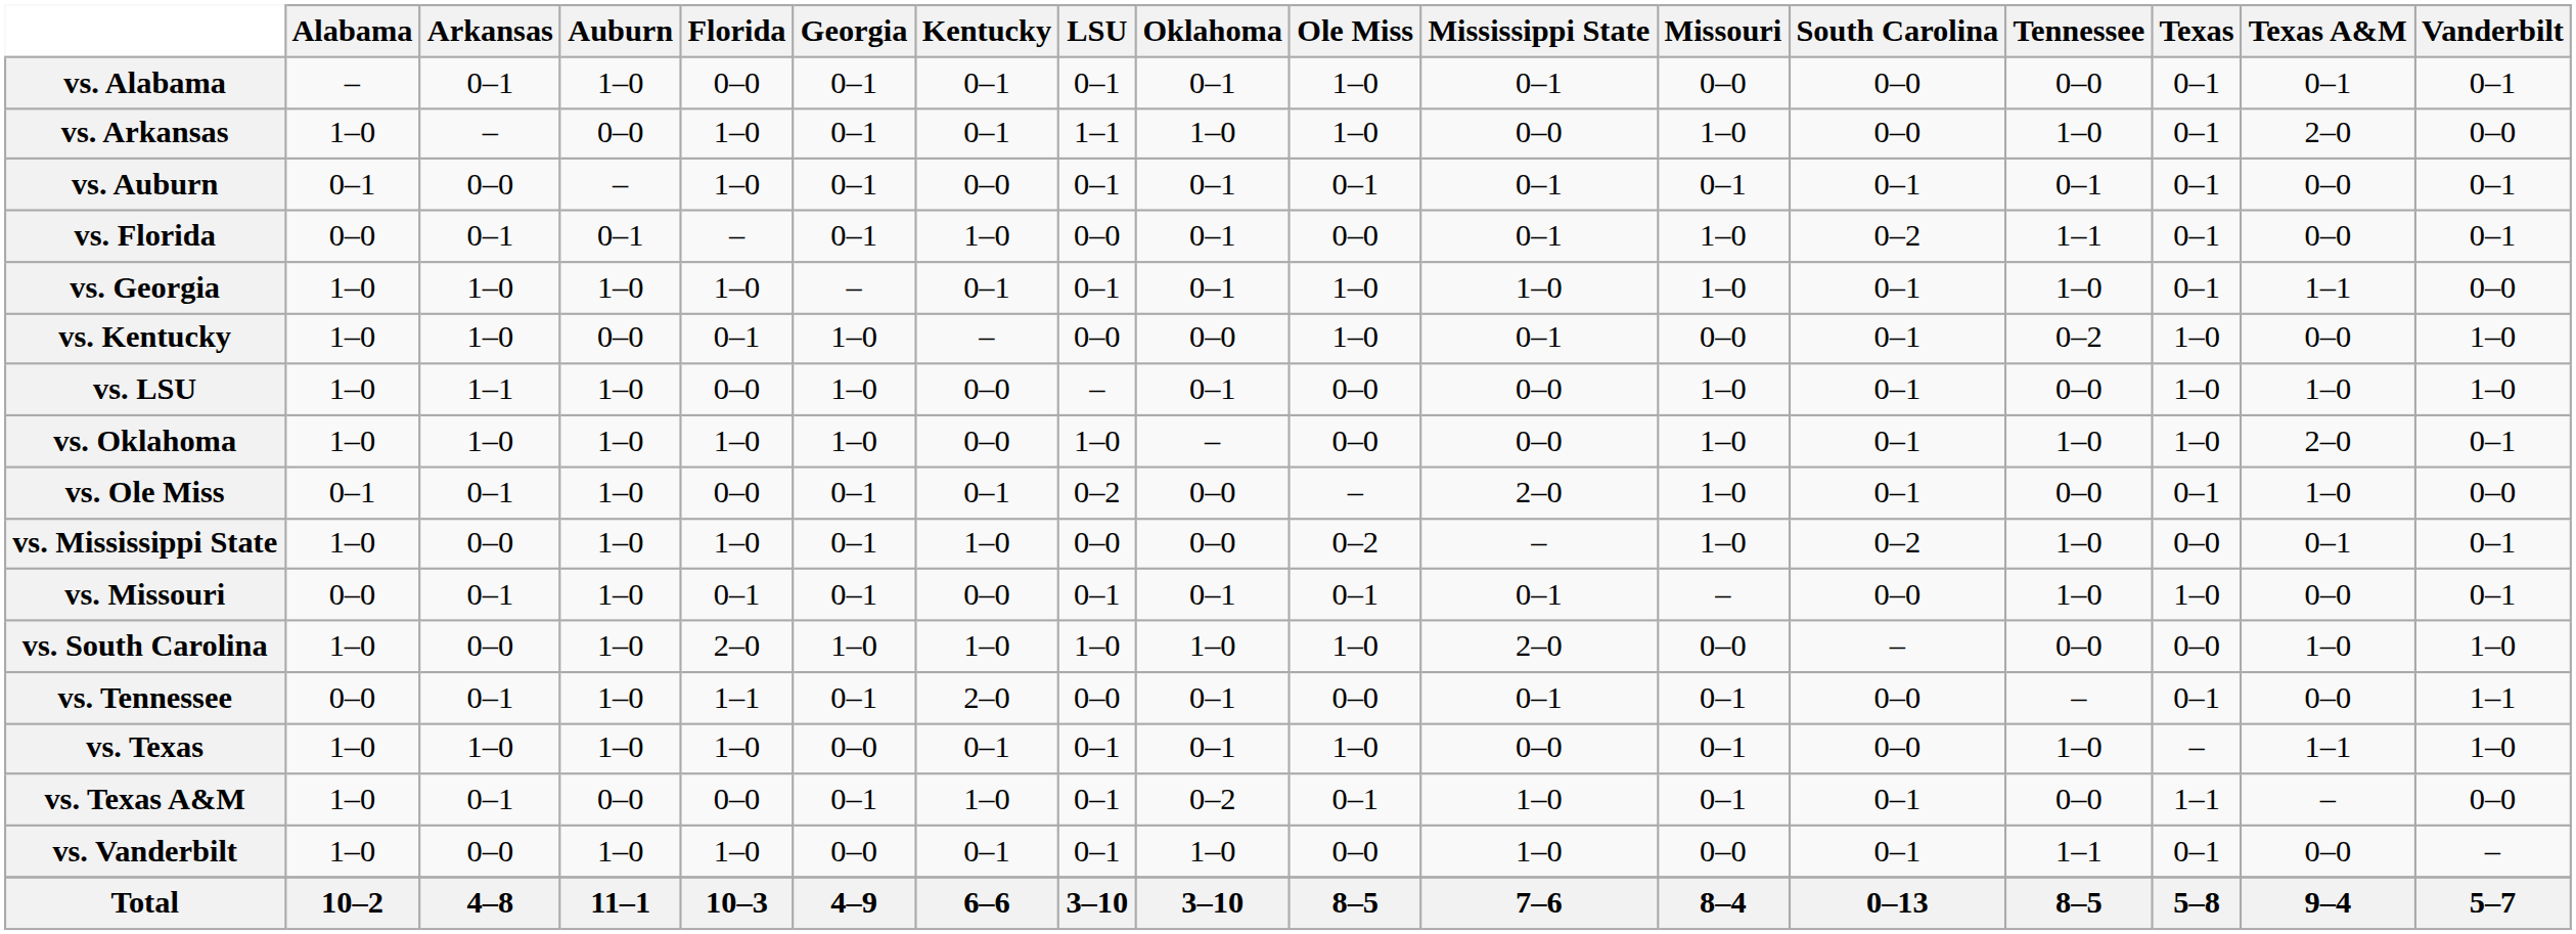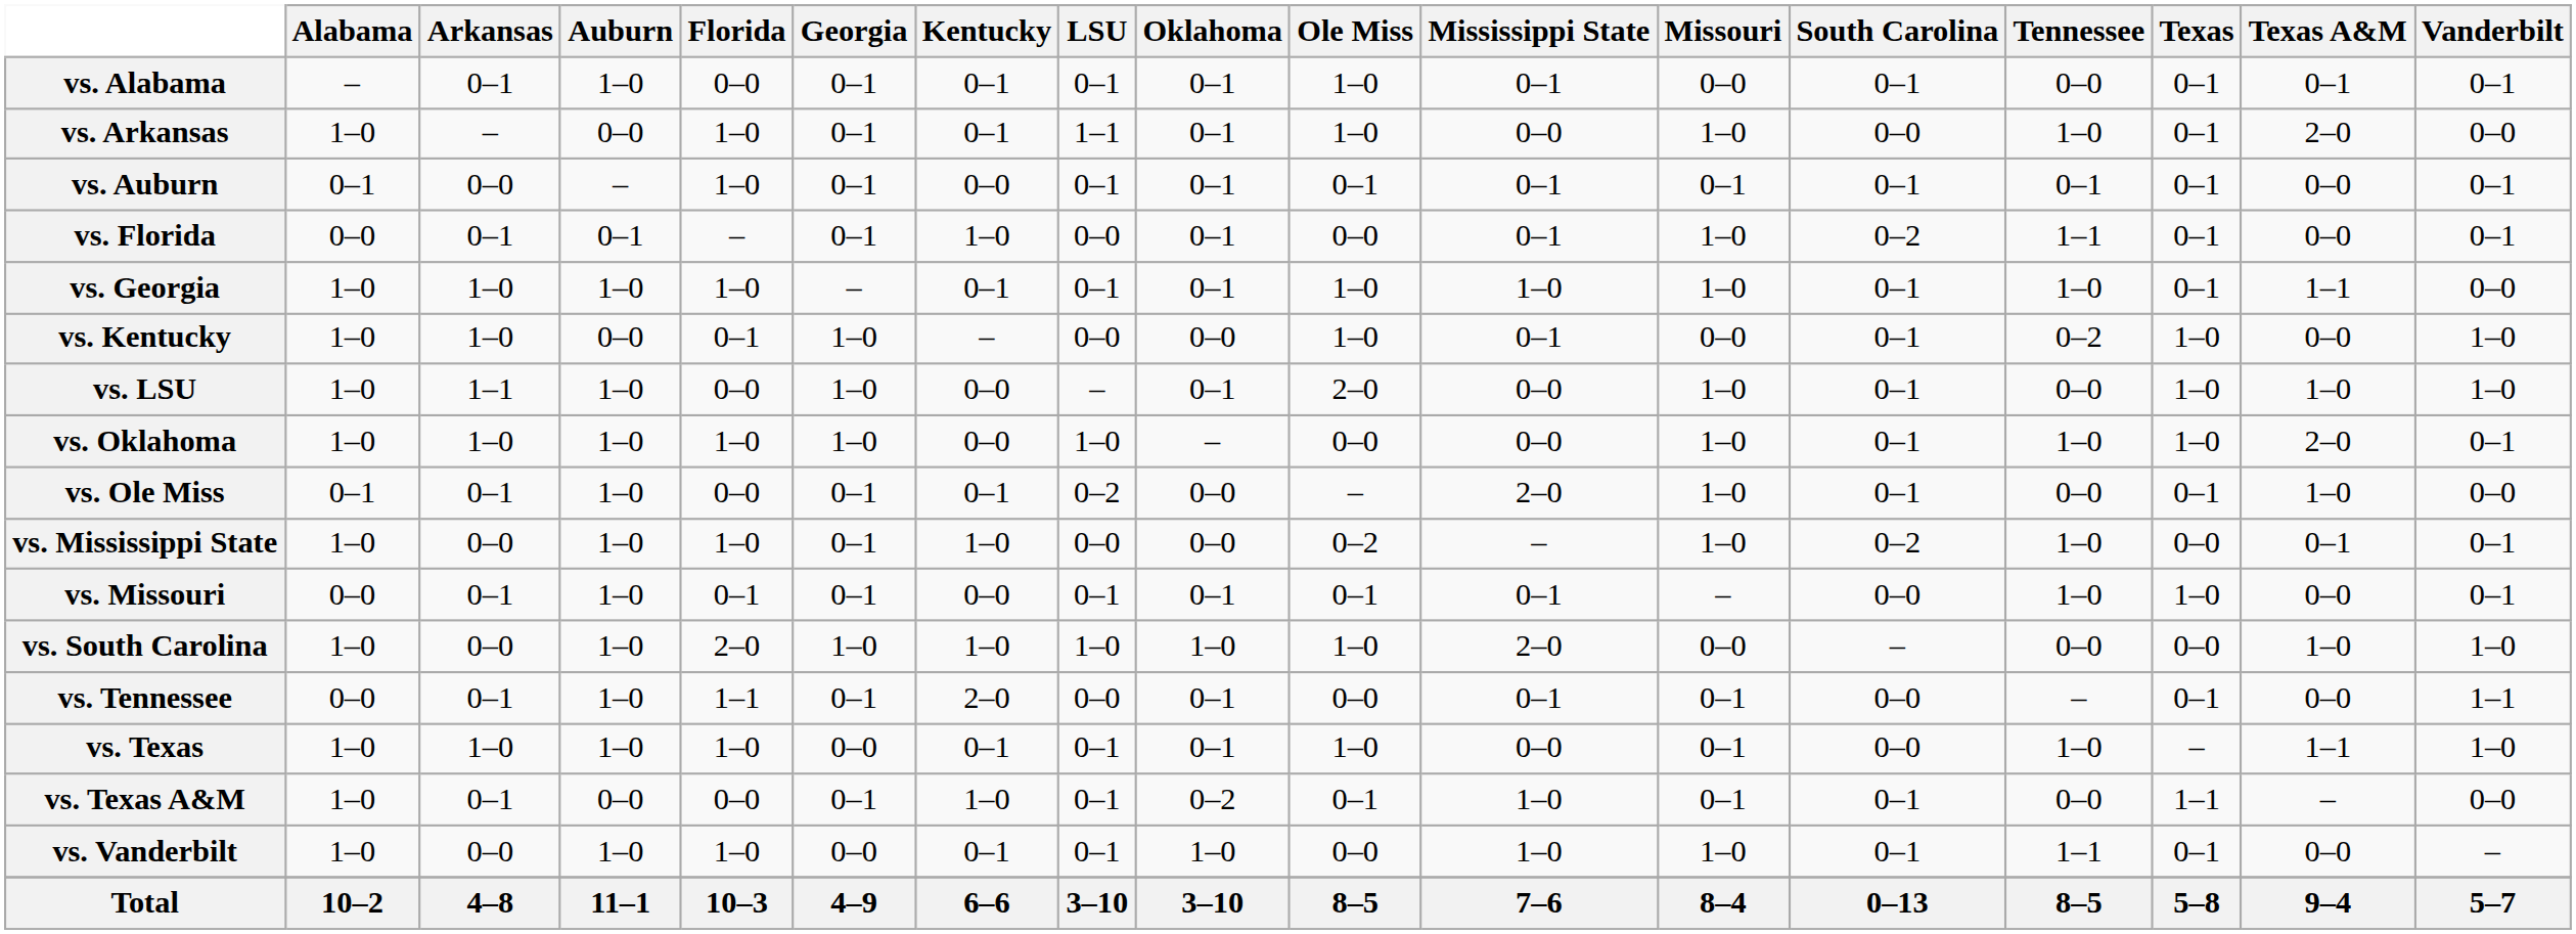 <table class="wikitable" style="white-space:nowrap;font-size:90%;">
 <tr>
 <th colspan=1 style="background:white; border-top-style:hidden; border-left-style:hidden;"  width=110> </th>
 <th>Alabama</th>
 <th>Arkansas</th>
 <th>Auburn</th>
 <th>Florida</th>
 <th>Georgia</th>
 <th>Kentucky</th>
 <th>LSU</th>
 <th>Oklahoma</th>
 <th>Ole Miss</th>
 <th>Mississippi State</th>
 <th>Missouri</th>
 <th>South Carolina</th>
 <th>Tennessee</th>
 <th>Texas</th>
 <th>Texas A&M</th>
 <th>Vanderbilt</th>
 </tr>
 <tr style="text-align:center;">
 <th>vs. Alabama</th>
 <td>–</td>
 <td>0–1</td>
 <td>1–0</td>
 <td>0–0</td>
 <td>0–1</td>
 <td>0–1</td>
 <td>0–1</td>
 <td>0–1</td>
 <td>1–0</td>
 <td>0–1</td>
 <td>0–0</td>
-<td>0–0</td>
+<td>0–1</td>
 <td>0–0</td>
 <td>0–1</td>
 <td>0–1</td>
 <td>0–1</td>
 </tr>
 <tr style="text-align:center;">
 <th>vs. Arkansas</th>
 <td>1–0</td>
 <td>–</td>
 <td>0–0</td>
 <td>1–0</td>
 <td>0–1</td>
 <td>0–1</td>
 <td>1–1</td>
-<td>1–0</td>
+<td>0–1</td>
 <td>1–0</td>
 <td>0–0</td>
 <td>1–0</td>
 <td>0–0</td>
 <td>1–0</td>
 <td>0–1</td>
 <td>2–0</td>
 <td>0–0</td>
 </tr>
 <tr style="text-align:center;">
 <th>vs. Auburn</th>
 <td>0–1</td>
 <td>0–0</td>
 <td>–</td>
 <td>1–0</td>
 <td>0–1</td>
 <td>0–0</td>
 <td>0–1</td>
 <td>0–1</td>
 <td>0–1</td>
 <td>0–1</td>
 <td>0–1</td>
 <td>0–1</td>
 <td>0–1</td>
 <td>0–1</td>
 <td>0–0</td>
 <td>0–1</td>
 </tr>
 <tr style="text-align:center;">
 <th>vs. Florida</th>
 <td>0–0</td>
 <td>0–1</td>
 <td>0–1</td>
 <td>–</td>
 <td>0–1</td>
 <td>1–0</td>
 <td>0–0</td>
 <td>0–1</td>
 <td>0–0</td>
 <td>0–1</td>
 <td>1–0</td>
 <td>0–2</td>
 <td>1–1</td>
 <td>0–1</td>
 <td>0–0</td>
 <td>0–1</td>
 </tr>
 <tr style="text-align:center;">
 <th>vs. Georgia</th>
 <td>1–0</td>
 <td>1–0</td>
 <td>1–0</td>
 <td>1–0</td>
 <td>–</td>
 <td>0–1</td>
 <td>0–1</td>
 <td>0–1</td>
 <td>1–0</td>
 <td>1–0</td>
 <td>1–0</td>
 <td>0–1</td>
 <td>1–0</td>
 <td>0–1</td>
 <td>1–1</td>
 <td>0–0</td>
 </tr>
 <tr style="text-align:center;">
 <th>vs. Kentucky</th>
 <td>1–0</td>
 <td>1–0</td>
 <td>0–0</td>
 <td>0–1</td>
 <td>1–0</td>
 <td>–</td>
 <td>0–0</td>
 <td>0–0</td>
 <td>1–0</td>
 <td>0–1</td>
 <td>0–0</td>
 <td>0–1</td>
 <td>0–2</td>
 <td>1–0</td>
 <td>0–0</td>
 <td>1–0</td>
 </tr>
 <tr style="text-align:center;">
 <th>vs. LSU</th>
 <td>1–0</td>
 <td>1–1</td>
 <td>1–0</td>
 <td>0–0</td>
 <td>1–0</td>
 <td>0–0</td>
 <td>–</td>
 <td>0–1</td>
-<td>0–0</td>
+<td>2–0</td>
 <td>0–0</td>
 <td>1–0</td>
 <td>0–1</td>
 <td>0–0</td>
 <td>1–0</td>
 <td>1–0</td>
 <td>1–0</td>
 </tr>
 <tr style="text-align:center;">
 <th>vs. Oklahoma</th>
 <td>1–0</td>
 <td>1–0</td>
 <td>1–0</td>
 <td>1–0</td>
 <td>1–0</td>
 <td>0–0</td>
 <td>1–0</td>
 <td>–</td>
 <td>0–0</td>
 <td>0–0</td>
 <td>1–0</td>
 <td>0–1</td>
 <td>1–0</td>
 <td>1–0</td>
 <td>2–0</td>
 <td>0–1</td>
 </tr>
 <tr style="text-align:center;">
 <th>vs. Ole Miss</th>
 <td>0–1</td>
 <td>0–1</td>
 <td>1–0</td>
 <td>0–0</td>
 <td>0–1</td>
 <td>0–1</td>
 <td>0–2</td>
 <td>0–0</td>
 <td>–</td>
 <td>2–0</td>
 <td>1–0</td>
 <td>0–1</td>
 <td>0–0</td>
 <td>0–1</td>
 <td>1–0</td>
 <td>0–0</td>
 </tr>
 <tr style="text-align:center;">
 <th>vs. Mississippi State</th>
 <td>1–0</td>
 <td>0–0</td>
 <td>1–0</td>
 <td>1–0</td>
 <td>0–1</td>
 <td>1–0</td>
 <td>0–0</td>
 <td>0–0</td>
 <td>0–2</td>
 <td>–</td>
 <td>1–0</td>
 <td>0–2</td>
 <td>1–0</td>
 <td>0–0</td>
 <td>0–1</td>
 <td>0–1</td>
 </tr>
 <tr style="text-align:center;">
 <th>vs. Missouri</th>
 <td>0–0</td>
 <td>0–1</td>
 <td>1–0</td>
 <td>0–1</td>
 <td>0–1</td>
 <td>0–0</td>
 <td>0–1</td>
 <td>0–1</td>
 <td>0–1</td>
 <td>0–1</td>
 <td>–</td>
 <td>0–0</td>
 <td>1–0</td>
 <td>1–0</td>
 <td>0–0</td>
 <td>0–1</td>
 </tr>
 <tr style="text-align:center;">
 <th>vs. South Carolina</th>
 <td>1–0</td>
 <td>0–0</td>
 <td>1–0</td>
 <td>2–0</td>
 <td>1–0</td>
 <td>1–0</td>
 <td>1–0</td>
 <td>1–0</td>
 <td>1–0</td>
 <td>2–0</td>
 <td>0–0</td>
 <td>–</td>
 <td>0–0</td>
 <td>0–0</td>
 <td>1–0</td>
 <td>1–0</td>
 </tr>
 <tr style="text-align:center;">
 <th>vs. Tennessee</th>
 <td>0–0</td>
 <td>0–1</td>
 <td>1–0</td>
 <td>1–1</td>
 <td>0–1</td>
 <td>2–0</td>
 <td>0–0</td>
 <td>0–1</td>
 <td>0–0</td>
 <td>0–1</td>
 <td>0–1</td>
 <td>0–0</td>
 <td>–</td>
 <td>0–1</td>
 <td>0–0</td>
 <td>1–1</td>
 </tr>
 <tr style="text-align:center;">
 <th>vs. Texas</th>
 <td>1–0</td>
 <td>1–0</td>
 <td>1–0</td>
 <td>1–0</td>
 <td>0–0</td>
 <td>0–1</td>
 <td>0–1</td>
 <td>0–1</td>
 <td>1–0</td>
 <td>0–0</td>
 <td>0–1</td>
 <td>0–0</td>
 <td>1–0</td>
 <td>–</td>
 <td>1–1</td>
 <td>1–0</td>
 </tr>
 <tr style="text-align:center;">
 <th>vs. Texas A&M</th>
 <td>1–0</td>
 <td>0–1</td>
 <td>0–0</td>
 <td>0–0</td>
 <td>0–1</td>
 <td>1–0</td>
 <td>0–1</td>
 <td>0–2</td>
 <td>0–1</td>
 <td>1–0</td>
 <td>0–1</td>
 <td>0–1</td>
 <td>0–0</td>
 <td>1–1</td>
 <td>–</td>
 <td>0–0</td>
 </tr>
 <tr style="text-align:center;">
 <th>vs. Vanderbilt</th>
 <td>1–0</td>
 <td>0–0</td>
 <td>1–0</td>
 <td>1–0</td>
 <td>0–0</td>
 <td>0–1</td>
 <td>0–1</td>
 <td>1–0</td>
 <td>0–0</td>
 <td>1–0</td>
-<td>0–0</td>
+<td>1–0</td>
 <td>0–1</td>
 <td>1–1</td>
 <td>0–1</td>
 <td>0–0</td>
 <td>–</td>
 </tr>
 <tr style="text-align:center;">
 </tr>
 <tr style="text-align:center;">
 <th>Total</th>
 <th>10–2</th>
 <th>4–8</th>
 <th>11–1</th>
 <th>10–3</th>
 <th>4–9</th>
 <th>6–6</th>
 <th>3–10</th>
 <th>3–10</th>
 <th>8–5</th>
 <th>7–6</th>
 <th>8–4</th>
 <th>0–13</th>
 <th>8–5</th>
 <th>5–8</th>
 <th>9–4</th>
 <th>5–7</th>
 </tr>
 </table>
